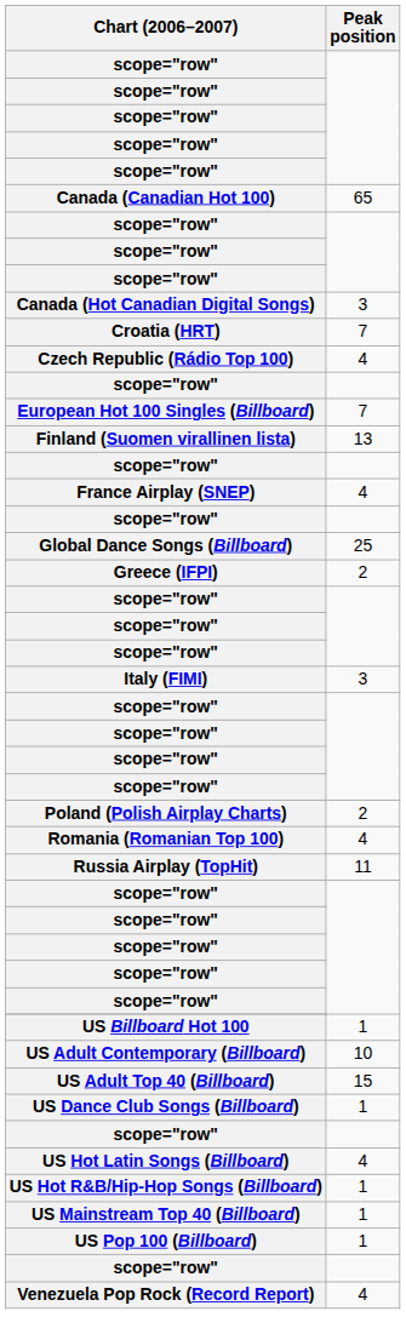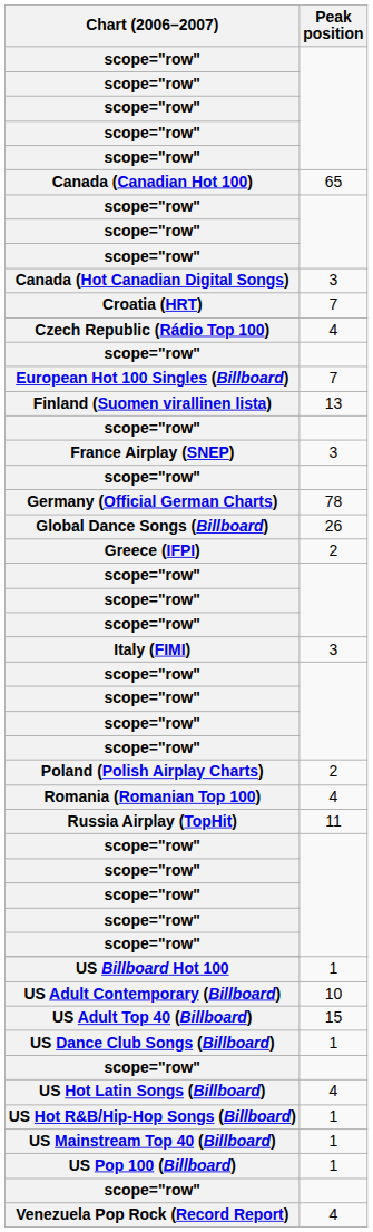 <table class="wikitable sortable plainrowheaders" style="text-align:center">
 <tr>
 <th scope="col">Chart (2006–2007)</th>
 <th scope="col">Peak<br>position</th>
 </tr>
 <tr>
 <th>scope="row" </th>
 </tr>
 <tr>
 <th>scope="row" </th>
 </tr>
 <tr>
 <th>scope="row" </th>
 </tr>
 <tr>
 <th>scope="row" </th>
 </tr>
 <tr>
 <th>scope="row" </th>
 </tr>
 <tr>
 <th scope="row">Canada (<a href='#'>Canadian Hot 100</a>)</th>
 <td>65</td>
 </tr>
 <tr>
 <th>scope="row" </th>
 </tr>
 <tr>
 <th>scope="row" </th>
 </tr>
 <tr>
 <th>scope="row" </th>
 </tr>
 <tr>
 <th scope="row">Canada (<a href='#'>Hot Canadian Digital Songs</a>)</th>
 <td>3</td>
 </tr>
 <tr>
 <th scope="row">Croatia (<a href='#'>HRT</a>)</th>
 <td>7</td>
 </tr>
 <tr>
 <th scope="row">Czech Republic (<a href='#'>Rádio Top 100</a>)</th>
 <td>4</td>
 </tr>
 <tr>
 <th>scope="row" </th>
 </tr>
 <tr>
 <th scope="row"><a href='#'>European Hot 100 Singles</a> (<em><a href='#'>Billboard</a></em>)</th>
 <td>7</td>
 </tr>
 <tr>
 <th scope="row">Finland (<a href='#'>Suomen virallinen lista</a>)<br></th>
 <td>13</td>
 </tr>
 <tr>
 <th>scope="row" </th>
 </tr>
 <tr>
 <th scope="row">France Airplay (<a href='#'>SNEP</a>)</th>
-<td>4</td>
+<td>3</td>
 </tr>
 <tr>
 <th>scope="row" </th>
 </tr>
 <tr>
+<th scope="row">Germany (<a href='#'>Official German Charts</a>)<br></th>
+<td>78</td>
+</tr>
+<tr>
 <th scope="row">Global Dance Songs (<em><a href='#'>Billboard</a></em>)</th>
-<td>25</td>
+<td>26</td>
 </tr>
 <tr>
 <th scope="row">Greece (<a href='#'>IFPI</a>)</th>
 <td>2</td>
 </tr>
 <tr>
 <th>scope="row" </th>
 </tr>
 <tr>
 <th>scope="row" </th>
 </tr>
 <tr>
 <th>scope="row" </th>
 </tr>
 <tr>
 <th scope="row">Italy (<a href='#'>FIMI</a>)<br></th>
 <td>3</td>
 </tr>
 <tr>
 <th>scope="row" </th>
 </tr>
 <tr>
 <th>scope="row" </th>
 </tr>
 <tr>
 <th>scope="row" </th>
 </tr>
 <tr>
 <th>scope="row" </th>
 </tr>
 <tr>
 <th scope="row">Poland (<a href='#'>Polish Airplay Charts</a>)</th>
 <td>2</td>
 </tr>
 <tr>
 <th scope="row">Romania (<a href='#'>Romanian Top 100</a>)</th>
 <td>4</td>
 </tr>
 <tr>
 <th scope="row">Russia Airplay (<a href='#'>TopHit</a>)</th>
 <td>11</td>
 </tr>
 <tr>
 <th>scope="row" </th>
 </tr>
 <tr>
 <th>scope="row" </th>
 </tr>
 <tr>
 <th>scope="row" </th>
 </tr>
 <tr>
 <th>scope="row" </th>
 </tr>
 <tr>
 <th>scope="row" </th>
 </tr>
 <tr>
 </tr>
 <tr>
 <th scope="row">US <a href='#'><em>Billboard</em> Hot 100</a></th>
 <td>1</td>
 </tr>
 <tr>
 <th scope="row">US <a href='#'>Adult Contemporary</a> (<em><a href='#'>Billboard</a></em>)</th>
 <td>10</td>
 </tr>
 <tr>
 <th scope="row">US <a href='#'>Adult Top 40</a> (<em><a href='#'>Billboard</a></em>)</th>
 <td>15</td>
 </tr>
 <tr>
 <th scope="row">US <a href='#'>Dance Club Songs</a> (<em><a href='#'>Billboard</a></em>)</th>
 <td>1</td>
 </tr>
 <tr>
 <th>scope="row" </th>
 </tr>
 <tr>
 <th scope="row">US <a href='#'>Hot Latin Songs</a> (<em><a href='#'>Billboard</a></em>)<br></th>
 <td>4</td>
 </tr>
 <tr>
 <th scope="row">US <a href='#'>Hot R&B/Hip-Hop Songs</a> (<em><a href='#'>Billboard</a></em>)</th>
 <td>1</td>
 </tr>
 <tr>
 <th scope="row">US <a href='#'>Mainstream Top 40</a> (<em><a href='#'>Billboard</a></em>)</th>
 <td>1</td>
 </tr>
 <tr>
 <th scope="row">US <a href='#'>Pop 100</a> (<em><a href='#'>Billboard</a></em>)</th>
 <td>1</td>
 </tr>
 <tr>
 <th>scope="row"</th>
 </tr>
 <tr>
 <th scope="row">Venezuela Pop Rock (<a href='#'>Record Report</a>)</th>
 <td>4</td>
 </tr>
 </table>
